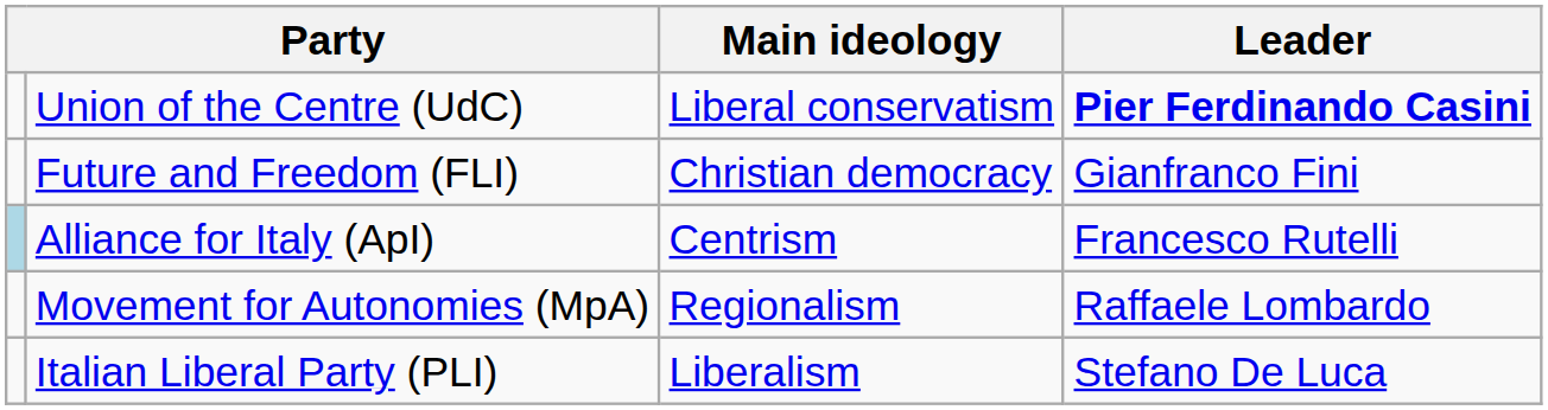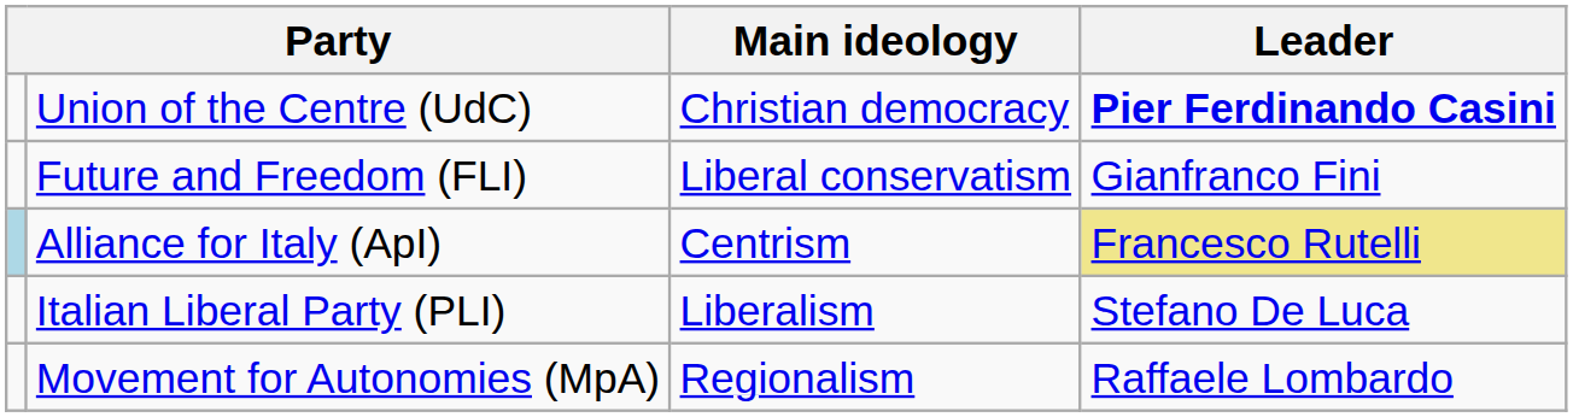 <table class="wikitable" style="font-size:95%">
 <tr>
 <th colspan=2>Party</th>
 <th>Main ideology</th>
 <th>Leader</th>
 </tr>
 <tr>
 <td></td>
 <td><a href='#'>Union of the Centre</a> (UdC)</td>
-<td><a href='#'>Liberal conservatism</a></td>
+<td><a href='#'>Christian democracy</a></td>
 <td><strong><a href='#'>Pier Ferdinando Casini</a></strong></td>
 </tr>
 <tr>
 <td></td>
 <td><a href='#'>Future and Freedom</a> (FLI)</td>
-<td><a href='#'>Christian democracy</a></td>
+<td><a href='#'>Liberal conservatism</a></td>
 <td><a href='#'>Gianfranco Fini</a></td>
 </tr>
 <tr>
 <td bgcolor="lightblue"></td>
 <td><a href='#'>Alliance for Italy</a> (ApI)</td>
 <td><a href='#'>Centrism</a></td>
-<td><a href='#'>Francesco Rutelli</a></td>
+<td style="background: khaki;"><a href='#'>Francesco Rutelli</a></td>
+</tr>
+<tr>
+<td></td>
+<td><a href='#'>Italian Liberal Party</a> (PLI)</td>
+<td><a href='#'>Liberalism</a></td>
+<td><a href='#'>Stefano De Luca</a></td>
 </tr>
 <tr>
 <td></td>
 <td><a href='#'>Movement for Autonomies</a> (MpA)</td>
 <td><a href='#'>Regionalism</a></td>
 <td><a href='#'>Raffaele Lombardo</a></td>
 </tr>
-<tr>
-<td></td>
-<td><a href='#'>Italian Liberal Party</a> (PLI)</td>
-<td><a href='#'>Liberalism</a></td>
-<td><a href='#'>Stefano De Luca</a></td>
-</tr>
 </table>
